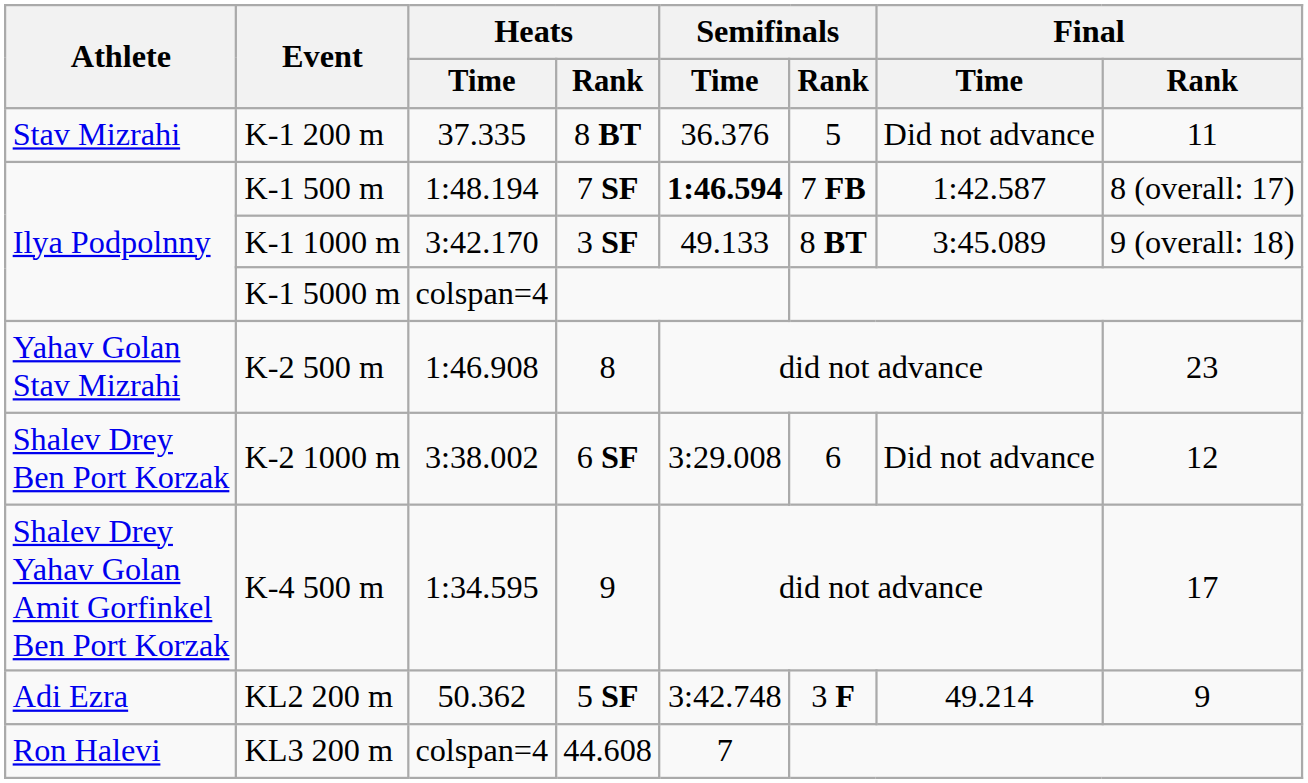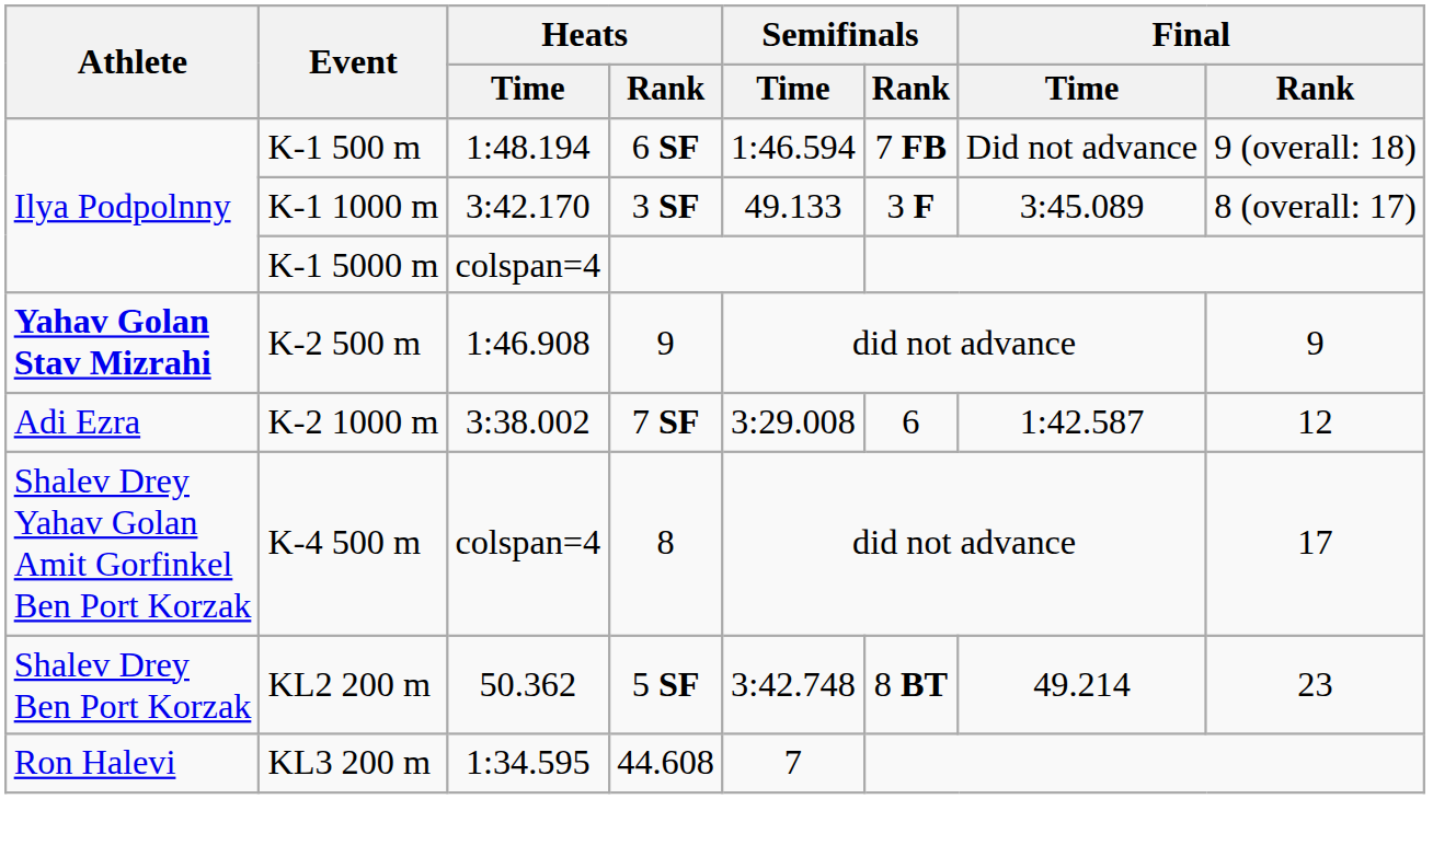 <table class=wikitable style=font-size:90%;text-align:center>
 <tr>
 <th rowspan="2">Athlete</th>
 <th rowspan="2">Event</th>
 <th colspan=2>Heats</th>
 <th colspan=2>Semifinals</th>
 <th colspan=2>Final</th>
 </tr>
 <tr style="font-size:95%">
 <th>Time</th>
 <th>Rank</th>
 <th>Time</th>
 <th>Rank</th>
 <th>Time</th>
 <th>Rank</th>
 </tr>
 <tr>
-<td align=left><a href='#'>Stav Mizrahi</a></td>
-<td align=left>K-1 200 m</td>
-<td>37.335</td>
-<td>8 <strong>BT</strong></td>
-<td>36.376</td>
-<td>5</td>
-<td>Did not advance</td>
-<td>11</td>
-</tr>
-<tr>
 <td align=left rowspan=3><a href='#'>Ilya Podpolnny</a></td>
 <td align=left>K-1 500 m</td>
 <td>1:48.194</td>
-<td>7 <strong>SF</strong></td>
-<td><strong>1:46.594</strong></td>
+<td>6 <strong>SF</strong></td>
+<td>1:46.594</td>
 <td>7 <strong>FB</strong></td>
-<td>1:42.587</td>
-<td>8 (overall: 17)</td>
+<td>Did not advance</td>
+<td>9 (overall: 18)</td>
 </tr>
 <tr>
 <td align=left>K-1 1000 m</td>
 <td>3:42.170</td>
 <td>3 <strong>SF</strong></td>
 <td>49.133</td>
-<td>8 <strong>BT</strong></td>
+<td>3 <strong>F</strong></td>
 <td>3:45.089</td>
-<td>9 (overall: 18)</td>
+<td>8 (overall: 17)</td>
 </tr>
 <tr>
 <td align=left>K-1 5000 m</td>
 <td>colspan=4 </td>
 <td colspan=2></td>
 </tr>
 <tr>
-<td align=left><a href='#'>Yahav Golan</a><br><a href='#'>Stav Mizrahi</a></td>
+<td align=left><strong><a href='#'>Yahav Golan</a><br><a href='#'>Stav Mizrahi</a></strong></td>
 <td align=left>K-2 500 m</td>
 <td>1:46.908</td>
-<td>8</td>
+<td>9</td>
 <td colspan=3>did not advance</td>
-<td>23</td>
+<td>9</td>
 </tr>
 <tr>
-<td align=left><a href='#'>Shalev Drey</a><br><a href='#'>Ben Port Korzak</a></td>
+<td align=left><a href='#'>Adi Ezra</a></td>
 <td align=left>K-2 1000 m</td>
 <td>3:38.002</td>
-<td>6 <strong>SF</strong></td>
+<td>7 <strong>SF</strong></td>
 <td>3:29.008</td>
 <td>6</td>
-<td>Did not advance</td>
+<td>1:42.587</td>
 <td>12</td>
 </tr>
 <tr>
 <td align=left><a href='#'>Shalev Drey</a><br><a href='#'>Yahav Golan</a><br><a href='#'>Amit Gorfinkel</a><br><a href='#'>Ben Port Korzak</a></td>
 <td align=left>K-4 500 m</td>
-<td>1:34.595</td>
-<td>9</td>
+<td>colspan=4 </td>
+<td>8</td>
 <td colspan=3>did not advance</td>
 <td>17</td>
 </tr>
 <tr>
-<td align=left><a href='#'>Adi Ezra</a></td>
+<td align=left><a href='#'>Shalev Drey</a><br><a href='#'>Ben Port Korzak</a></td>
 <td align=left>KL2 200 m</td>
 <td>50.362</td>
 <td>5 <strong>SF</strong></td>
 <td>3:42.748</td>
-<td>3 <strong>F</strong></td>
+<td>8 <strong>BT</strong></td>
 <td>49.214</td>
-<td>9</td>
+<td>23</td>
 </tr>
 <tr>
 <td align=left><a href='#'>Ron Halevi</a></td>
 <td align=left>KL3 200 m</td>
-<td>colspan=4 </td>
+<td>1:34.595</td>
 <td>44.608</td>
 <td>7</td>
 </tr>
 </table>
